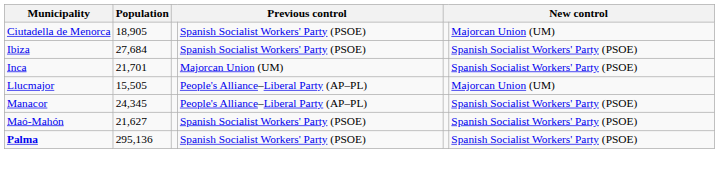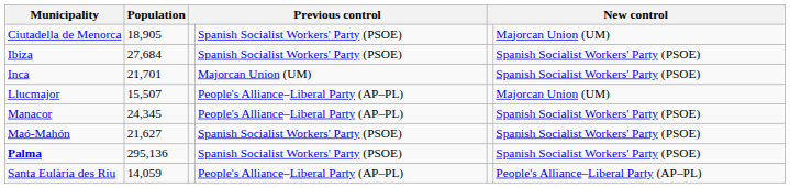 <table class="wikitable sortable">
 <tr>
 <th>Municipality</th>
 <th>Population</th>
 <th colspan="2" style="width:375px;">Previous control</th>
 <th colspan="2" style="width:375px;">New control</th>
 </tr>
 <tr>
 <td><a href='#'>Ciutadella de Menorca</a></td>
 <td>18,905</td>
 <td width="1" style="color:inherit;background:"></td>
 <td><a href='#'>Spanish Socialist Workers' Party</a> (PSOE)</td>
 <td width="1" style="color:inherit;background:"></td>
 <td><a href='#'>Majorcan Union</a> (UM)</td>
 </tr>
 <tr>
 <td><a href='#'>Ibiza</a></td>
 <td>27,684</td>
 <td style="color:inherit;background:"></td>
 <td><a href='#'>Spanish Socialist Workers' Party</a> (PSOE)</td>
 <td style="color:inherit;background:"></td>
 <td><a href='#'>Spanish Socialist Workers' Party</a> (PSOE) </td>
 </tr>
 <tr>
 <td><a href='#'>Inca</a></td>
 <td>21,701</td>
 <td style="color:inherit;background:"></td>
 <td><a href='#'>Majorcan Union</a> (UM)</td>
 <td style="color:inherit;background:"></td>
 <td><a href='#'>Spanish Socialist Workers' Party</a> (PSOE)</td>
 </tr>
 <tr>
 <td><a href='#'>Llucmajor</a></td>
-<td>15,505</td>
+<td>15,507</td>
 <td style="color:inherit;background:"></td>
 <td><a href='#'>People's Alliance</a>–<a href='#'>Liberal Party</a> (AP–PL)</td>
 <td style="color:inherit;background:"></td>
 <td><a href='#'>Majorcan Union</a> (UM)</td>
 </tr>
 <tr>
 <td><a href='#'>Manacor</a></td>
 <td>24,345</td>
 <td style="color:inherit;background:"></td>
 <td><a href='#'>People's Alliance</a>–<a href='#'>Liberal Party</a> (AP–PL)</td>
 <td style="color:inherit;background:"></td>
 <td><a href='#'>Spanish Socialist Workers' Party</a> (PSOE)</td>
 </tr>
 <tr>
 <td><a href='#'>Maó-Mahón</a></td>
 <td>21,627</td>
 <td style="color:inherit;background:"></td>
 <td><a href='#'>Spanish Socialist Workers' Party</a> (PSOE)</td>
 <td style="color:inherit;background:"></td>
 <td><a href='#'>Spanish Socialist Workers' Party</a> (PSOE)</td>
 </tr>
 <tr>
 <td><strong><a href='#'>Palma</a></strong></td>
 <td>295,136</td>
 <td style="color:inherit;background:"></td>
 <td><a href='#'>Spanish Socialist Workers' Party</a> (PSOE)</td>
 <td style="color:inherit;background:"></td>
 <td><a href='#'>Spanish Socialist Workers' Party</a> (PSOE)</td>
 </tr>
+<tr>
+<td><a href='#'>Santa Eulària des Riu</a></td>
+<td>14,059</td>
+<td style="color:inherit;background:"></td>
+<td><a href='#'>People's Alliance</a>–<a href='#'>Liberal Party</a> (AP–PL)</td>
+<td style="color:inherit;background:"></td>
+<td><a href='#'>People's Alliance</a>–<a href='#'>Liberal Party</a> (AP–PL)</td>
+</tr>
 </table>
